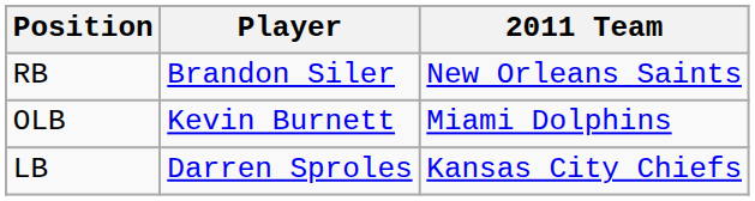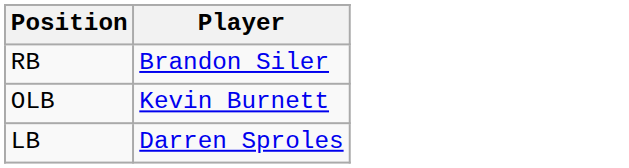 <table class="wikitable" style="font-size: 95%; text-align: left">
 <tr>
 <th>Position</th>
 <th>Player</th>
-<th>2011 Team</th>
 </tr>
 <tr>
 <td>RB</td>
 <td><a href='#'>Brandon Siler</a></td>
-<td><a href='#'>New Orleans Saints</a></td>
 </tr>
 <tr>
 <td>OLB</td>
 <td><a href='#'>Kevin Burnett</a></td>
-<td><a href='#'>Miami Dolphins</a></td>
 </tr>
 <tr>
 <td>LB</td>
 <td><a href='#'>Darren Sproles</a></td>
-<td><a href='#'>Kansas City Chiefs</a></td>
 </tr>
 </table>
